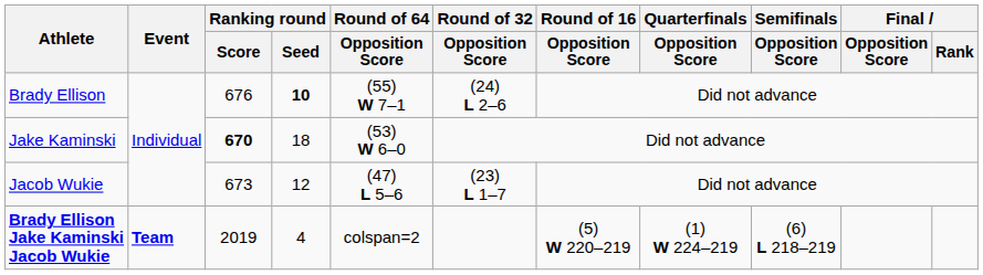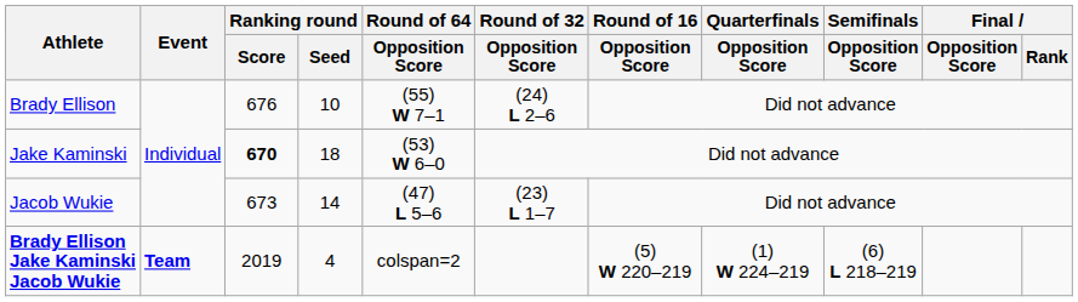 <table class=wikitable style=font-size:90%;text-align:center>
 <tr>
 <th rowspan=2>Athlete</th>
 <th rowspan=2>Event</th>
 <th colspan=2>Ranking round</th>
 <th>Round of 64</th>
 <th>Round of 32</th>
 <th>Round of 16</th>
 <th>Quarterfinals</th>
 <th>Semifinals</th>
 <th colspan=2>Final / </th>
 </tr>
 <tr style=font-size:95%>
 <th>Score</th>
 <th>Seed</th>
 <th>Opposition<br>Score</th>
 <th>Opposition<br>Score</th>
 <th>Opposition<br>Score</th>
 <th>Opposition<br>Score</th>
 <th>Opposition<br>Score</th>
 <th>Opposition<br>Score</th>
 <th>Rank</th>
 </tr>
 <tr>
 <td align=left><a href='#'>Brady Ellison</a></td>
 <td align=left rowspan=3><a href='#'>Individual</a></td>
 <td>676</td>
-<td><strong>10</strong></td>
+<td>10</td>
 <td> (55)<br><strong>W</strong> 7–1</td>
 <td> (24)<br><strong>L</strong> 2–6</td>
 <td colspan=5>Did not advance</td>
 </tr>
 <tr>
 <td align=left><a href='#'>Jake Kaminski</a></td>
 <td><strong>670</strong></td>
 <td>18</td>
 <td> (53)<br><strong>W</strong> 6–0</td>
 <td colspan=6>Did not advance</td>
 </tr>
 <tr>
 <td align=left><a href='#'>Jacob Wukie</a></td>
 <td>673</td>
-<td>12</td>
+<td>14</td>
 <td> (47)<br><strong>L</strong> 5–6</td>
 <td> (23)<br><strong>L</strong> 1–7</td>
 <td colspan=5>Did not advance</td>
 </tr>
 <tr>
 <td align=left><strong><a href='#'>Brady Ellison</a><br><a href='#'>Jake Kaminski</a><br><a href='#'>Jacob Wukie</a></strong></td>
 <td align=left><strong><a href='#'>Team</a></strong></td>
 <td>2019</td>
 <td>4</td>
 <td>colspan=2 </td>
 <td></td>
 <td> (5)<br><strong>W</strong> 220–219</td>
 <td> (1)<br><strong>W</strong> 224–219</td>
 <td> (6)<br><strong>L</strong> 218–219</td>
 <td></td>
 </tr>
 </table>
